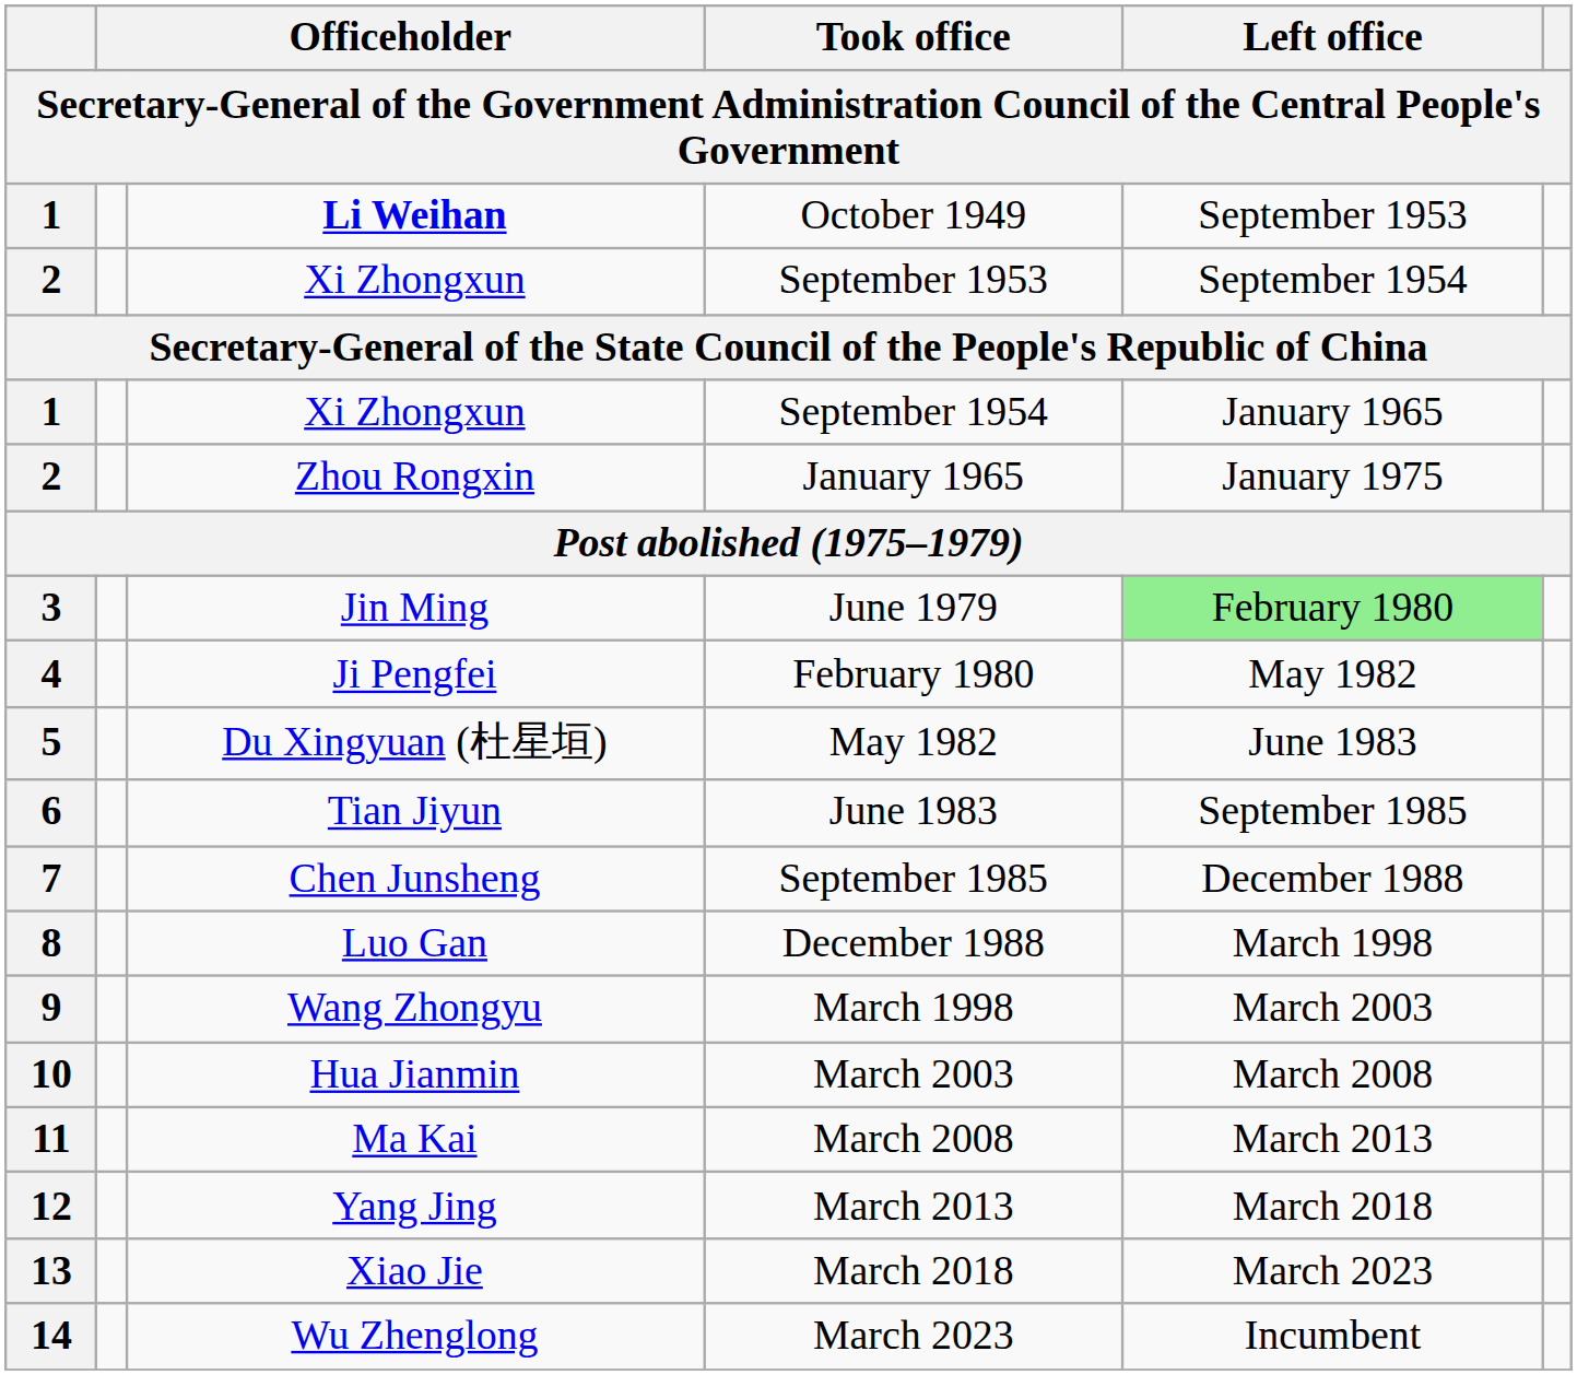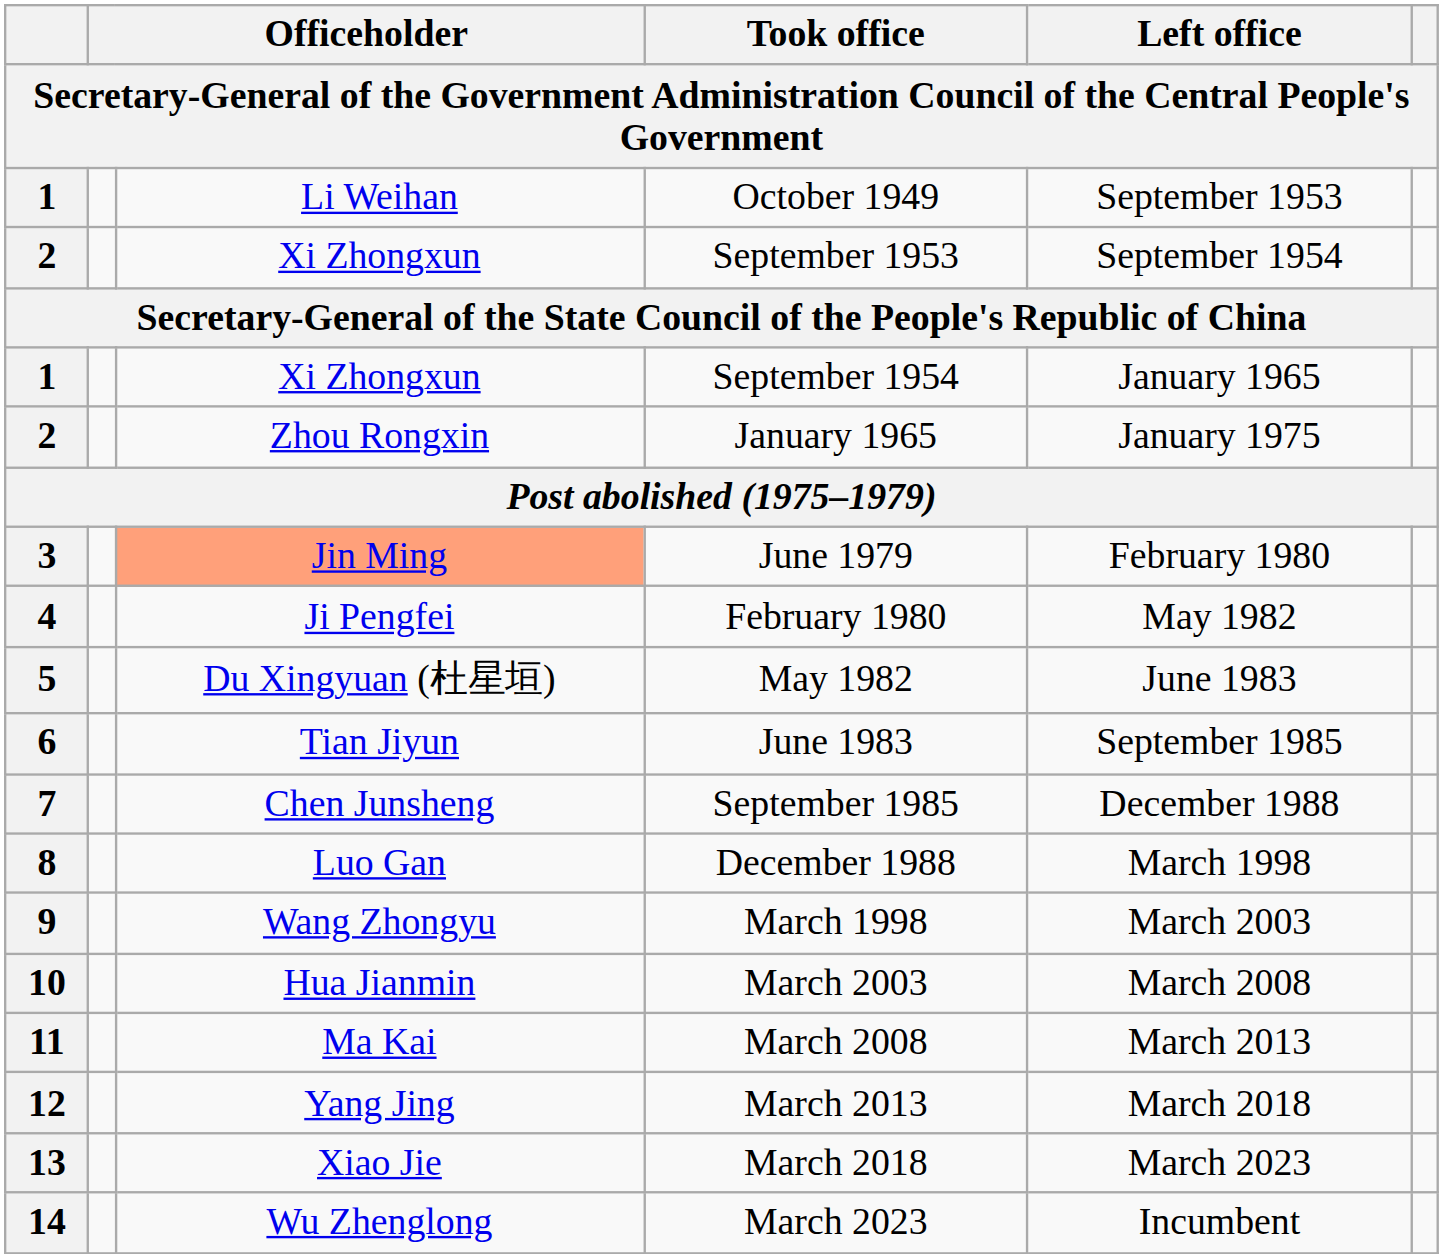 <table class="wikitable" style="text-align: center; border-collapse: collapse;">
 <tr>
 <th></th>
 <th colspan="2"  width="150">Officeholder</th>
 <th>Took office</th>
 <th>Left office</th>
 <th></th>
 </tr>
 <tr>
 <th colspan="6" align="center">Secretary-General of the Government Administration Council of the Central People's Government</th>
 </tr>
 <tr>
 <th align=center>1</th>
 <td align=center></td>
-<td><strong><a href='#'>Li Weihan</a></strong></td>
+<td><a href='#'>Li Weihan</a></td>
 <td>October 1949</td>
 <td>September 1953</td>
 <td></td>
 </tr>
 <tr>
 <th align=center>2</th>
 <td align=center></td>
 <td><a href='#'>Xi Zhongxun</a></td>
 <td>September 1953</td>
 <td>September 1954</td>
 <td></td>
 </tr>
 <tr>
 <th colspan="6" align="center">Secretary-General of the State Council of the People's Republic of China</th>
 </tr>
 <tr>
 <th align=center>1</th>
 <td align=center></td>
 <td><a href='#'>Xi Zhongxun</a></td>
 <td>September 1954</td>
 <td>January 1965</td>
 <td></td>
 </tr>
 <tr>
 <th align=center>2</th>
 <td></td>
 <td><a href='#'>Zhou Rongxin</a></td>
 <td>January 1965</td>
 <td>January 1975</td>
 <td></td>
 </tr>
 <tr>
 <th colspan="6" align="center" bgcolor="lightgrey"><em>Post abolished (1975–1979)</em></th>
 </tr>
 <tr>
 <th align=center>3</th>
 <td></td>
-<td><a href='#'>Jin Ming</a></td>
+<td style="background: lightsalmon;"><a href='#'>Jin Ming</a></td>
 <td>June 1979</td>
-<td style="background: lightgreen;">February 1980</td>
+<td>February 1980</td>
 <td></td>
 </tr>
 <tr>
 <th align=center>4</th>
 <td align=center></td>
 <td><a href='#'>Ji Pengfei</a></td>
 <td>February 1980</td>
 <td>May 1982</td>
 <td></td>
 </tr>
 <tr>
 <th align=center>5</th>
 <td></td>
 <td><a href='#'>Du Xingyuan</a> (杜星垣)</td>
 <td>May 1982</td>
 <td>June 1983</td>
 <td></td>
 </tr>
 <tr>
 <th align=center>6</th>
 <td align=center></td>
 <td><a href='#'>Tian Jiyun</a></td>
 <td>June 1983</td>
 <td>September 1985</td>
 <td></td>
 </tr>
 <tr>
 <th align=center>7</th>
 <td></td>
 <td><a href='#'>Chen Junsheng</a></td>
 <td>September 1985</td>
 <td>December 1988</td>
 <td></td>
 </tr>
 <tr>
 <th align=center>8</th>
 <td></td>
 <td><a href='#'>Luo Gan</a></td>
 <td>December 1988</td>
 <td>March 1998</td>
 <td></td>
 </tr>
 <tr>
 <th align=center>9</th>
 <td></td>
 <td><a href='#'>Wang Zhongyu</a></td>
 <td>March 1998</td>
 <td>March 2003</td>
 <td></td>
 </tr>
 <tr>
 <th align=center>10</th>
 <td align=center></td>
 <td><a href='#'>Hua Jianmin</a></td>
 <td>March 2003</td>
 <td>March 2008</td>
 <td></td>
 </tr>
 <tr>
 <th align=center>11</th>
 <td align=center></td>
 <td><a href='#'>Ma Kai</a></td>
 <td>March 2008</td>
 <td>March 2013</td>
 <td></td>
 </tr>
 <tr>
 <th align=center>12</th>
 <td align=center></td>
 <td><a href='#'>Yang Jing</a></td>
 <td>March 2013</td>
 <td>March 2018</td>
 <td></td>
 </tr>
 <tr>
 <th align=center>13</th>
 <td align=center></td>
 <td><a href='#'>Xiao Jie</a></td>
 <td>March 2018</td>
 <td>March 2023</td>
 <td></td>
 </tr>
 <tr>
 <th align=center>14</th>
 <td align=center></td>
 <td><a href='#'>Wu Zhenglong</a></td>
 <td>March 2023</td>
 <td>Incumbent</td>
 <td></td>
 </tr>
 <tr>
 </tr>
 </table>
